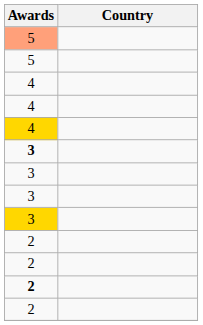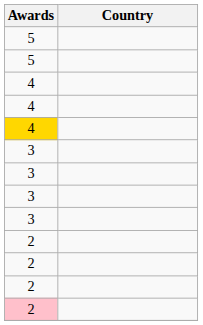 <table class="wikitable" style="text-align:center;">
 <tr>
 <th scope="col" width="50">Awards</th>
 <th scope="col" width="150">Country</th>
 </tr>
 <tr>
-<td style="background: lightsalmon;">5</td>
+<td>5</td>
 <td></td>
 </tr>
 <tr>
 <td>5</td>
 <td></td>
 </tr>
 <tr>
 <td>4</td>
 <td></td>
 </tr>
 <tr>
 <td>4</td>
 <td></td>
 </tr>
 <tr>
 <td style="background: gold;">4</td>
 <td></td>
 </tr>
 <tr>
-<td><strong>3</strong></td>
+<td>3</td>
 <td></td>
 </tr>
 <tr>
 <td>3</td>
 <td></td>
 </tr>
 <tr>
 <td>3</td>
 <td></td>
 </tr>
 <tr>
-<td style="background: gold;">3</td>
+<td>3</td>
 <td></td>
 </tr>
 <tr>
 <td>2</td>
 <td></td>
 </tr>
 <tr>
 <td>2</td>
 <td></td>
 </tr>
 <tr>
-<td><strong>2</strong></td>
+<td>2</td>
 <td></td>
 </tr>
 <tr>
-<td>2</td>
+<td style="background: pink;">2</td>
 <td></td>
 </tr>
 <tr>
 </tr>
 </table>
